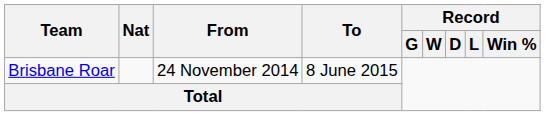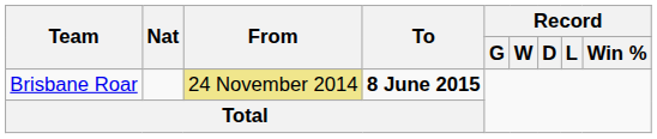 <table class="wikitable" style="text-align: center">
 <tr>
 <th rowspan="2">Team</th>
 <th rowspan="2">Nat</th>
 <th rowspan="2">From</th>
 <th rowspan="2">To</th>
 <th colspan="5">Record</th>
 </tr>
 <tr>
 <th>G</th>
 <th>W</th>
 <th>D</th>
 <th>L</th>
 <th>Win %</th>
 </tr>
 <tr>
 <td align=left><a href='#'>Brisbane Roar</a></td>
 <td></td>
-<td align=left>24 November 2014</td>
-<td align=left>8 June 2015<br></td>
+<td align=left style="background: khaki;">24 November 2014</td>
+<td align=left><strong>8 June 2015<br></strong></td>
 </tr>
 <tr>
 <th colspan="4">Total<br></th>
 </tr>
 </table>
